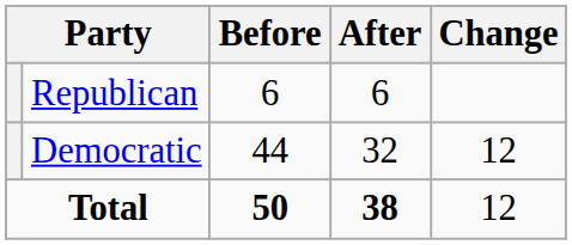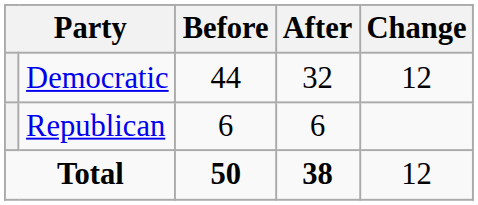 <table class="wikitable" style="text-align:center;">
 <tr>
 <th colspan="2">Party</th>
 <th>Before</th>
 <th>After</th>
 <th>Change</th>
 </tr>
 <tr>
 <th style="background-color:"></th>
+<td style="text-align:left;"><a href='#'>Democratic</a></td>
+<td>44</td>
+<td>32</td>
+<td> 12</td>
+</tr>
+<tr>
+<th style="background-color:"></th>
 <td style="text-align:left;"><a href='#'>Republican</a></td>
 <td>6</td>
 <td>6</td>
 <td></td>
-</tr>
-<tr>
-<th style="background-color:"></th>
-<td style="text-align:left;"><a href='#'>Democratic</a></td>
-<td>44</td>
-<td>32</td>
-<td> 12</td>
 </tr>
 <tr>
 <td colspan="2"><strong>Total</strong></td>
 <td><strong>50</strong></td>
 <td><strong>38</strong></td>
 <td> 12</td>
 </tr>
 </table>
